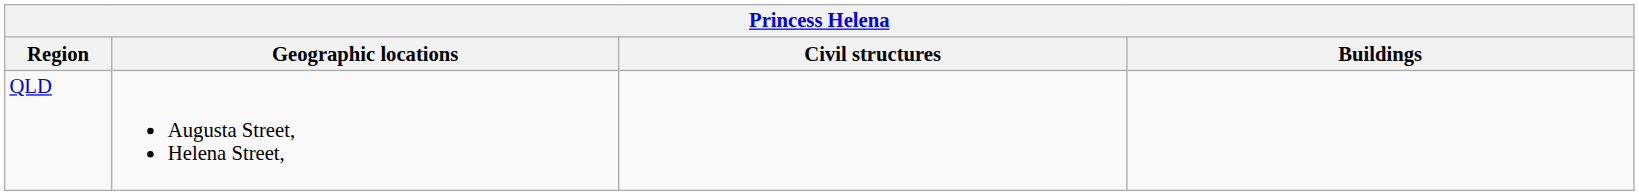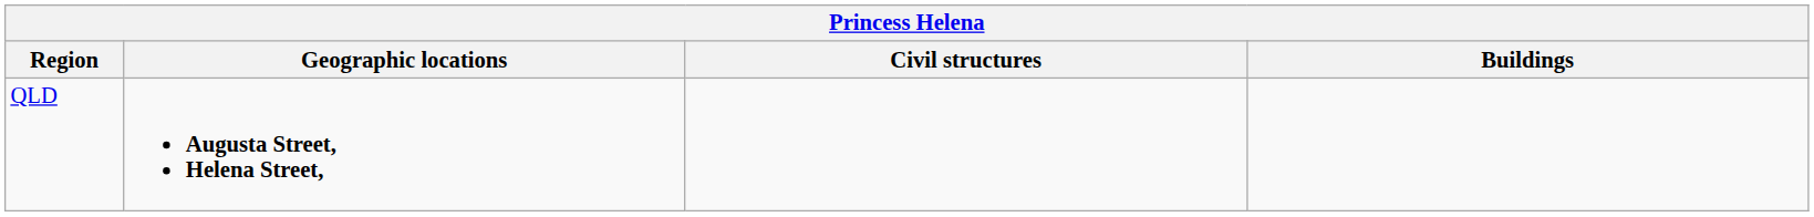 <table class="wikitable" width="100%">
 <tr>
 <th colspan="4"> <a href='#'>Princess Helena</a></th>
 </tr>
 <tr>
 <th width="5%">Region</th>
 <th width="23.75%">Geographic locations</th>
 <th width="23.75%">Civil structures</th>
 <th width="23.75%">Buildings</th>
 </tr>
 <tr>
 <td align=left valign=top> <a href='#'>QLD</a></td>
-<td><br><ul><li>Augusta Street, </li><li>Helena Street, </li></ul></td>
+<td><strong><br><ul><li>Augusta Street, </li><li>Helena Street, </li></ul></strong></td>
 <td></td>
 <td></td>
 </tr>
 </table>
